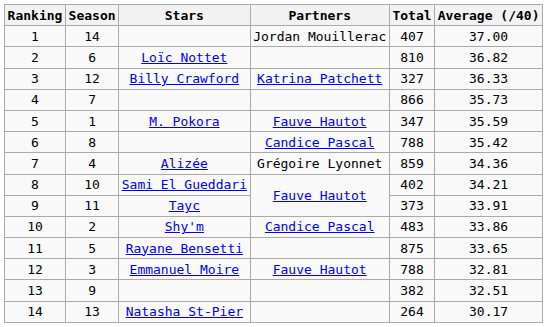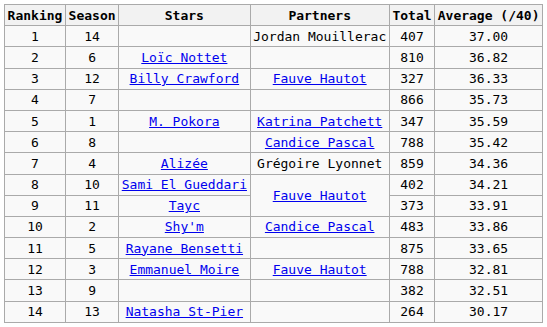 <table class="wikitable collapsible collapsed" style="text-align: center; width:auto">
 <tr>
 <th>Ranking</th>
 <th>Season</th>
 <th>Stars</th>
 <th>Partners</th>
 <th>Total</th>
 <th>Average (/40)</th>
 </tr>
 <tr>
 <td>1</td>
 <td>14</td>
 <td></td>
 <td>Jordan Mouillerac</td>
 <td>407</td>
 <td>37.00</td>
 </tr>
 <tr>
 <td>2</td>
 <td>6</td>
 <td><a href='#'>Loïc Nottet</a></td>
 <td></td>
 <td>810</td>
 <td>36.82</td>
 </tr>
 <tr>
 <td>3</td>
 <td>12</td>
 <td><a href='#'>Billy Crawford</a></td>
-<td><a href='#'>Katrina Patchett</a></td>
+<td><a href='#'>Fauve Hautot</a></td>
 <td>327</td>
 <td>36.33</td>
 </tr>
 <tr>
 <td>4</td>
 <td>7</td>
 <td></td>
 <td></td>
 <td>866</td>
 <td>35.73</td>
 </tr>
 <tr>
 <td>5</td>
 <td>1</td>
 <td><a href='#'>M. Pokora</a></td>
-<td><a href='#'>Fauve Hautot</a></td>
+<td><a href='#'>Katrina Patchett</a></td>
 <td>347</td>
 <td>35.59</td>
 </tr>
 <tr>
 <td>6</td>
 <td>8</td>
 <td></td>
 <td><a href='#'>Candice Pascal</a></td>
 <td>788</td>
 <td>35.42</td>
 </tr>
 <tr>
 <td>7</td>
 <td>4</td>
 <td><a href='#'>Alizée</a></td>
 <td>Grégoire Lyonnet</td>
 <td>859</td>
 <td>34.36</td>
 </tr>
 <tr>
 <td>8</td>
 <td>10</td>
 <td><a href='#'>Sami El Gueddari</a></td>
 <td rowspan="2"><a href='#'>Fauve Hautot</a></td>
 <td>402</td>
 <td>34.21</td>
 </tr>
 <tr>
 <td>9</td>
 <td>11</td>
 <td><a href='#'>Tayc</a></td>
 <td>373</td>
 <td>33.91</td>
 </tr>
 <tr>
 <td>10</td>
 <td>2</td>
 <td><a href='#'>Shy'm</a></td>
 <td><a href='#'>Candice Pascal</a></td>
 <td>483</td>
 <td>33.86</td>
 </tr>
 <tr>
 <td>11</td>
 <td>5</td>
 <td><a href='#'>Rayane Bensetti</a></td>
 <td></td>
 <td>875</td>
 <td>33.65</td>
 </tr>
 <tr>
 <td>12</td>
 <td>3</td>
 <td><a href='#'>Emmanuel Moire</a></td>
 <td><a href='#'>Fauve Hautot</a></td>
 <td>788</td>
 <td>32.81</td>
 </tr>
 <tr>
 <td>13</td>
 <td>9</td>
 <td></td>
 <td></td>
 <td>382</td>
 <td>32.51</td>
 </tr>
 <tr>
 <td>14</td>
 <td>13</td>
 <td><a href='#'>Natasha St-Pier</a></td>
 <td></td>
 <td>264</td>
 <td>30.17</td>
 </tr>
 <tr>
 </tr>
 </table>
